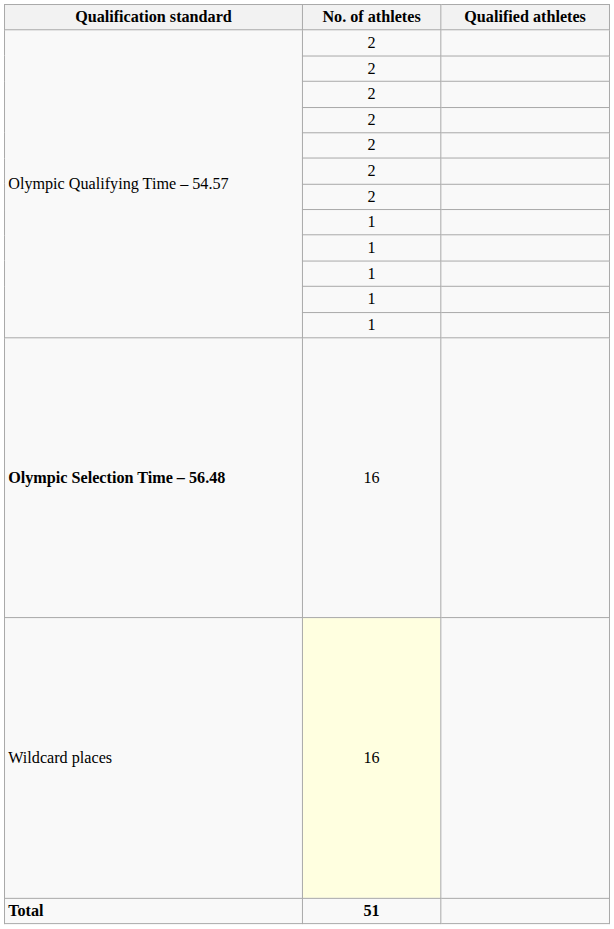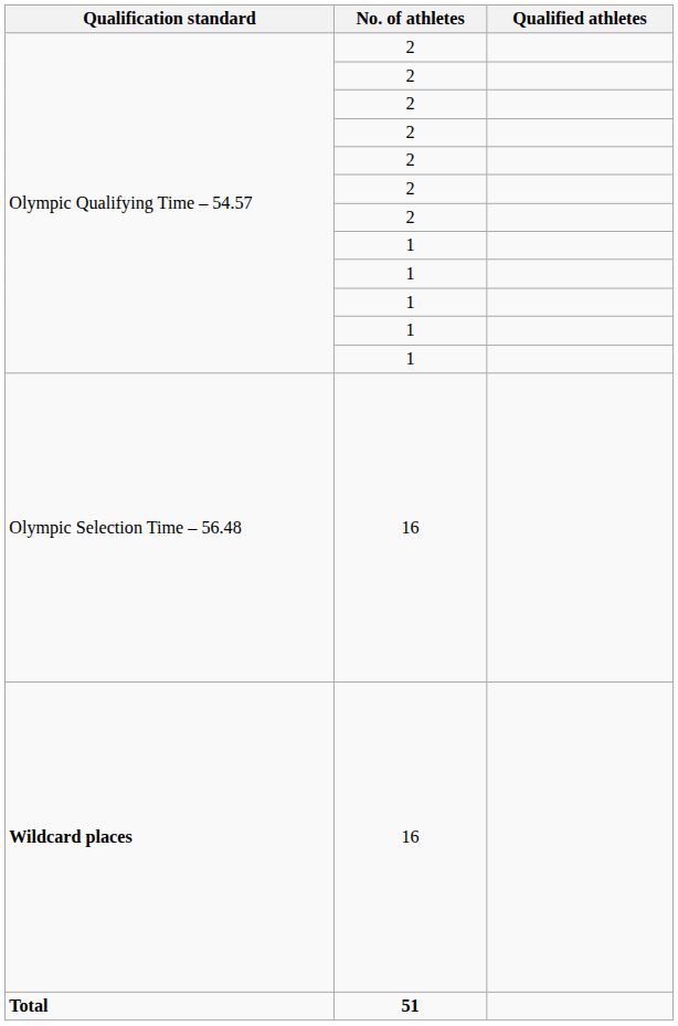 <table class=wikitable style="text-align:left" width=600>
 <tr>
 <th>Qualification standard</th>
 <th>No. of athletes</th>
 <th>Qualified athletes</th>
 </tr>
 <tr>
 <td rowspan="12">Olympic Qualifying Time – 54.57</td>
 <td align=center>2</td>
 <td><br></td>
 </tr>
 <tr>
 <td align=center>2</td>
 <td><br></td>
 </tr>
 <tr>
 <td align=center>2</td>
 <td><br></td>
 </tr>
 <tr>
 <td align=center>2</td>
 <td><br></td>
 </tr>
 <tr>
 <td align=center>2</td>
 <td><br></td>
 </tr>
 <tr>
 <td align=center>2</td>
 <td><br></td>
 </tr>
 <tr>
 <td align=center>2</td>
 <td><br></td>
 </tr>
 <tr>
 <td align=center>1</td>
 <td></td>
 </tr>
 <tr>
 <td align=center>1</td>
 <td></td>
 </tr>
 <tr>
 <td align=center>1</td>
 <td></td>
 </tr>
 <tr>
 <td align=center>1</td>
 <td></td>
 </tr>
 <tr>
 <td align=center>1</td>
 <td></td>
 </tr>
 <tr>
-<td rowspan="1"><strong>Olympic Selection Time – 56.48</strong></td>
+<td rowspan="1">Olympic Selection Time – 56.48</td>
 <td align=center>16</td>
 <td> <br> <br> <br>  <br> <br> <br> <br>  <br><br>  <br>  <br> <br>  <br> <br>  <br> </td>
 </tr>
 <tr>
-<td rowspan="1">Wildcard places</td>
-<td align=center style="background: lightyellow;">16</td>
+<td rowspan="1"><strong>Wildcard places</strong></td>
+<td align=center>16</td>
 <td><br><br><br><br><br><br><br><br><br><br><br><br> <br><br><br></td>
 </tr>
 <tr>
 <td><strong>Total</strong></td>
 <td align=center><strong>51</strong></td>
 <td></td>
 </tr>
 </table>
